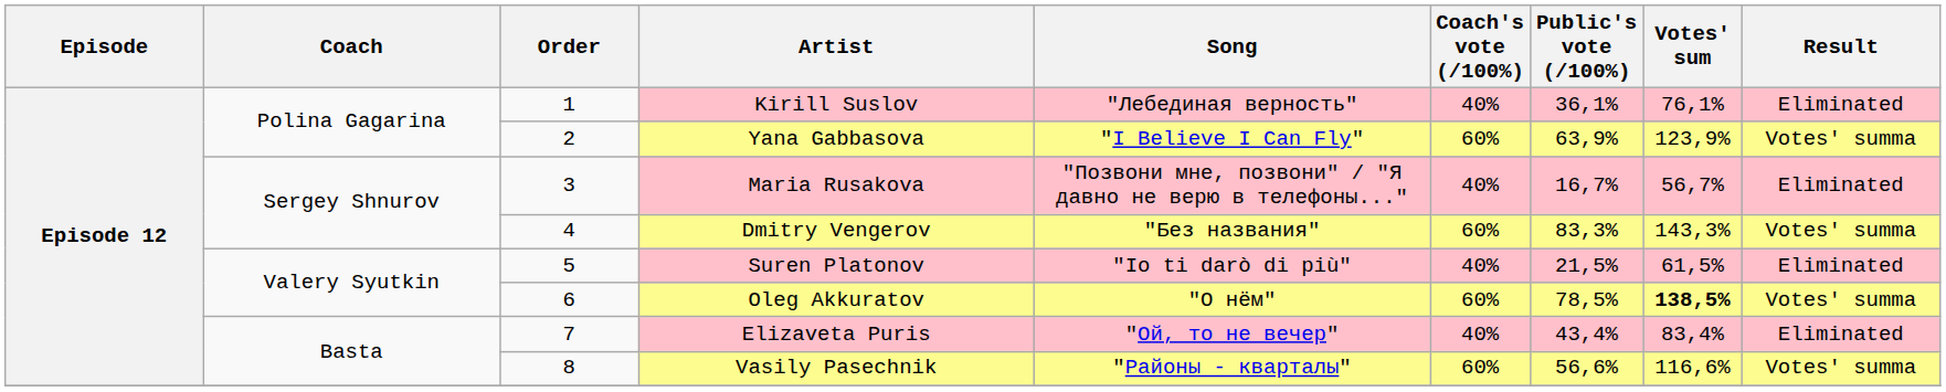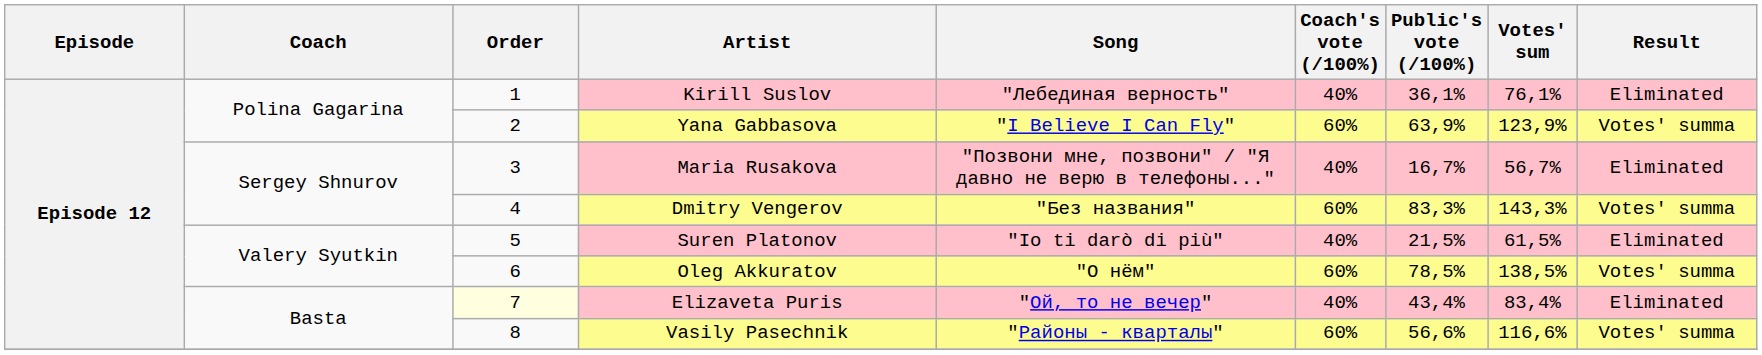 <table class="wikitable" style="text-align:center; width:95%;">
 <tr>
 <th style="width:10%;">Episode</th>
 <th style="width:15%;">Coach</th>
 <th style="width:7%;">Order</th>
 <th style="width:20%;">Artist</th>
 <th style="width:20%;">Song</th>
 <th style="width:5%;">Coach's vote (/100%)</th>
 <th style="width:5%;">Public's vote (/100%)</th>
 <th style="width:5%;">Votes' sum</th>
 <th style="width:10%;">Result</th>
 </tr>
 <tr>
 <th rowspan=8>Episode 12<br><small></small></th>
 <td rowspan=2>Polina Gagarina</td>
 <td>1</td>
 <td style="background:pink;">Kirill Suslov</td>
 <td style="background:pink;">"Лебединая верность"</td>
 <td style="background:pink;">40%</td>
 <td style="background:pink;">36,1%</td>
 <td style="background:pink;">76,1%</td>
 <td style="background:pink;">Eliminated</td>
 </tr>
 <tr>
 <td>2</td>
 <td style="background:#fdfc8f;">Yana Gabbasova</td>
 <td style="background:#fdfc8f;">"<a href='#'>I Believe I Can Fly</a>"</td>
 <td style="background:#fdfc8f;">60%</td>
 <td style="background:#fdfc8f;">63,9%</td>
 <td style="background:#fdfc8f;">123,9%</td>
 <td style="background:#fdfc8f;">Votes' summa</td>
 </tr>
 <tr>
 <td rowspan=2>Sergey Shnurov</td>
 <td>3</td>
 <td style="background:pink;">Maria Rusakova</td>
 <td style="background:pink;">"Позвони мне, позвони" / "Я давно не верю в телефоны..."</td>
 <td style="background:pink;">40%</td>
 <td style="background:pink;">16,7%</td>
 <td style="background:pink;">56,7%</td>
 <td style="background:pink;">Eliminated</td>
 </tr>
 <tr>
 <td>4</td>
 <td style="background:#fdfc8f;">Dmitry Vengerov</td>
 <td style="background:#fdfc8f;">"Без названия"</td>
 <td style="background:#fdfc8f;">60%</td>
 <td style="background:#fdfc8f;">83,3%</td>
 <td style="background:#fdfc8f;">143,3%</td>
 <td style="background:#fdfc8f;">Votes' summa</td>
 </tr>
 <tr>
 <td rowspan=2>Valery Syutkin</td>
 <td>5</td>
 <td style="background:pink;">Suren Platonov</td>
 <td style="background:pink;">"Io ti darò di più"</td>
 <td style="background:pink;">40%</td>
 <td style="background:pink;">21,5%</td>
 <td style="background:pink;">61,5%</td>
 <td style="background:pink;">Eliminated</td>
 </tr>
 <tr>
 <td>6</td>
 <td style="background:#fdfc8f;">Oleg Akkuratov</td>
 <td style="background:#fdfc8f;">"О нём"</td>
 <td style="background:#fdfc8f;">60%</td>
 <td style="background:#fdfc8f;">78,5%</td>
-<td style="background:#fdfc8f;"><strong>138,5%</strong></td>
+<td style="background:#fdfc8f;">138,5%</td>
 <td style="background:#fdfc8f;">Votes' summa</td>
 </tr>
 <tr>
 <td rowspan=2>Basta</td>
-<td>7</td>
+<td style="background: lightyellow;">7</td>
 <td style="background:pink;">Elizaveta Puris</td>
 <td style="background:pink;">"<a href='#'>Ой, то не вечер</a>"</td>
 <td style="background:pink;">40%</td>
 <td style="background:pink;">43,4%</td>
 <td style="background:pink;">83,4%</td>
 <td style="background:pink;">Eliminated</td>
 </tr>
 <tr>
 <td>8</td>
 <td style="background:#fdfc8f;">Vasily Pasechnik</td>
 <td style="background:#fdfc8f;">"<a href='#'>Районы - кварталы</a>"</td>
 <td style="background:#fdfc8f;">60%</td>
 <td style="background:#fdfc8f;">56,6%</td>
 <td style="background:#fdfc8f;">116,6%</td>
 <td style="background:#fdfc8f;">Votes' summa</td>
 </tr>
 <tr>
 </tr>
 </table>
